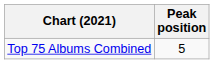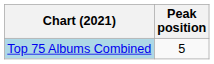 <table class="wikitable sortable" style="text-align:center;">
 <tr>
 <th>Chart (2021)</th>
 <th>Peak <br>position</th>
 </tr>
 <tr>
-<td align="left"><a href='#'>Top 75 Albums Combined</a></td>
+<td align="left" style="background: lightblue;"><a href='#'>Top 75 Albums Combined</a></td>
 <td>5</td>
 </tr>
 </table>
